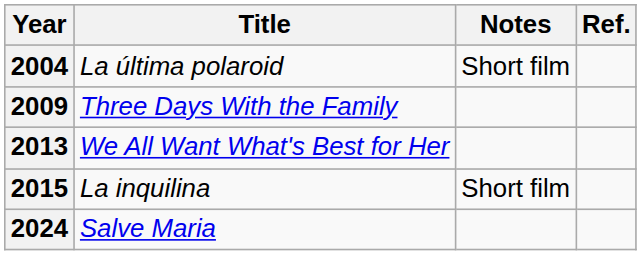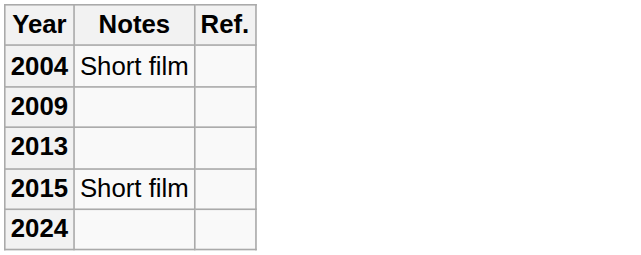 <table class=wikitable sortable plainrowheaders">
 <tr>
 <th scope="col">Year</th>
-<th scope="col">Title</th>
 <th scope="col">Notes</th>
 <th scope="col" class="unsortable">Ref.</th>
 </tr>
 <tr>
 <th scope="row">2004</th>
-<td><em>La última polaroid</em></td>
 <td>Short film</td>
 <td align="center"></td>
 </tr>
 <tr>
 <th scope="row">2009</th>
-<td><em><a href='#'>Three Days With the Family</a></em></td>
 <td></td>
 <td align="center"></td>
 </tr>
 <tr>
 <th scope="row">2013</th>
-<td><em><a href='#'>We All Want What's Best for Her</a></em></td>
 <td></td>
 <td align="center"></td>
 </tr>
 <tr>
 <th scope="row">2015</th>
-<td><em>La inquilina</em></td>
 <td>Short film</td>
 <td align="center"></td>
 </tr>
 <tr>
 <th scope="row">2024</th>
-<td><em><a href='#'>Salve Maria</a></em></td>
 <td></td>
 <td align="center"></td>
 </tr>
 </table>
